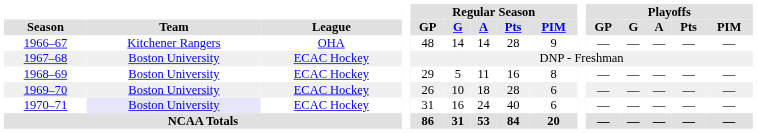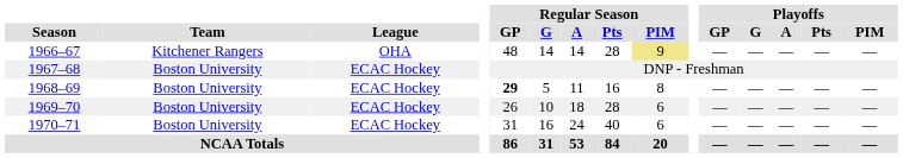 <table border="0" cellpadding="1" cellspacing="0" style="text-align:center; width:60em">
 <tr bgcolor="#e0e0e0">
 <th colspan="3"  bgcolor="#ffffff"> </th>
 <th rowspan="99" bgcolor="#ffffff"> </th>
 <th colspan="5">Regular Season</th>
 <th rowspan="99" bgcolor="#ffffff"> </th>
 <th colspan="5">Playoffs</th>
 </tr>
 <tr bgcolor="#e0e0e0">
 <th>Season</th>
 <th>Team</th>
 <th>League</th>
 <th>GP</th>
 <th><a href='#'>G</a></th>
 <th><a href='#'>A</a></th>
 <th><a href='#'>Pts</a></th>
 <th><a href='#'>PIM</a></th>
 <th>GP</th>
 <th>G</th>
 <th>A</th>
 <th>Pts</th>
 <th>PIM</th>
 </tr>
 <tr>
 <td><a href='#'>1966–67</a></td>
 <td><a href='#'>Kitchener Rangers</a></td>
 <td><a href='#'>OHA</a></td>
 <td>48</td>
 <td>14</td>
 <td>14</td>
 <td>28</td>
-<td>9</td>
+<td style="background: khaki;">9</td>
 <td>—</td>
 <td>—</td>
 <td>—</td>
 <td>—</td>
 <td>—</td>
 </tr>
 <tr bgcolor=f0f0f0>
 <td><a href='#'>1967–68</a></td>
 <td><a href='#'>Boston University</a></td>
 <td><a href='#'>ECAC Hockey</a></td>
 <td colspan=11>DNP - Freshman</td>
 </tr>
 <tr>
 <td><a href='#'>1968–69</a></td>
 <td><a href='#'>Boston University</a></td>
 <td><a href='#'>ECAC Hockey</a></td>
-<td>29</td>
+<td><strong>29</strong></td>
 <td>5</td>
 <td>11</td>
 <td>16</td>
 <td>8</td>
 <td>—</td>
 <td>—</td>
 <td>—</td>
 <td>—</td>
 <td>—</td>
 </tr>
 <tr bgcolor=f0f0f0>
 <td><a href='#'>1969–70</a></td>
 <td><a href='#'>Boston University</a></td>
 <td><a href='#'>ECAC Hockey</a></td>
 <td>26</td>
 <td>10</td>
 <td>18</td>
 <td>28</td>
 <td>6</td>
 <td>—</td>
 <td>—</td>
 <td>—</td>
 <td>—</td>
 <td>—</td>
 </tr>
 <tr>
 <td><a href='#'>1970–71</a></td>
-<td style="background: lavender;"><a href='#'>Boston University</a></td>
+<td><a href='#'>Boston University</a></td>
 <td><a href='#'>ECAC Hockey</a></td>
 <td>31</td>
 <td>16</td>
 <td>24</td>
 <td>40</td>
 <td>6</td>
 <td>—</td>
 <td>—</td>
 <td>—</td>
 <td>—</td>
 <td>—</td>
 </tr>
 <tr bgcolor="#e0e0e0">
 <th colspan="3">NCAA Totals</th>
 <th>86</th>
 <th>31</th>
 <th>53</th>
 <th>84</th>
 <th>20</th>
 <th>—</th>
 <th>—</th>
 <th>—</th>
 <th>—</th>
 <th>—</th>
 </tr>
 </table>
